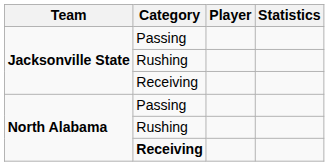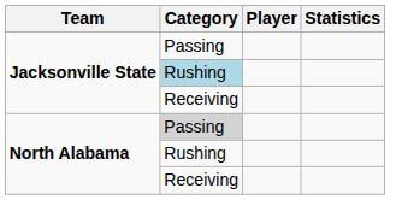 <table class="wikitable" style="float: left;">
 <tr>
 <th>Team</th>
 <th>Category</th>
 <th>Player</th>
 <th>Statistics</th>
 </tr>
 <tr>
 <td rowspan=3><strong>Jacksonville State</strong></td>
 <td>Passing</td>
 <td> </td>
 <td> </td>
 </tr>
 <tr>
-<td>Rushing</td>
+<td style="background: lightblue;">Rushing</td>
 <td> </td>
 <td> </td>
 </tr>
 <tr>
 <td>Receiving</td>
 <td> </td>
 <td> </td>
 </tr>
 <tr>
 <td rowspan=3><strong>North Alabama</strong></td>
-<td>Passing</td>
+<td style="background: lightgrey;">Passing</td>
 <td> </td>
 <td> </td>
 </tr>
 <tr>
 <td>Rushing</td>
 <td> </td>
 <td> </td>
 </tr>
 <tr>
-<td><strong>Receiving</strong></td>
+<td>Receiving</td>
 <td> </td>
 <td> </td>
 </tr>
 </table>
